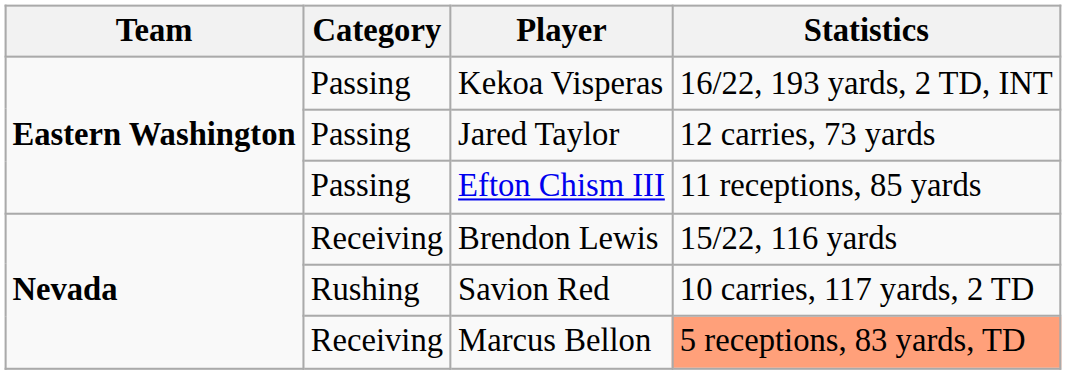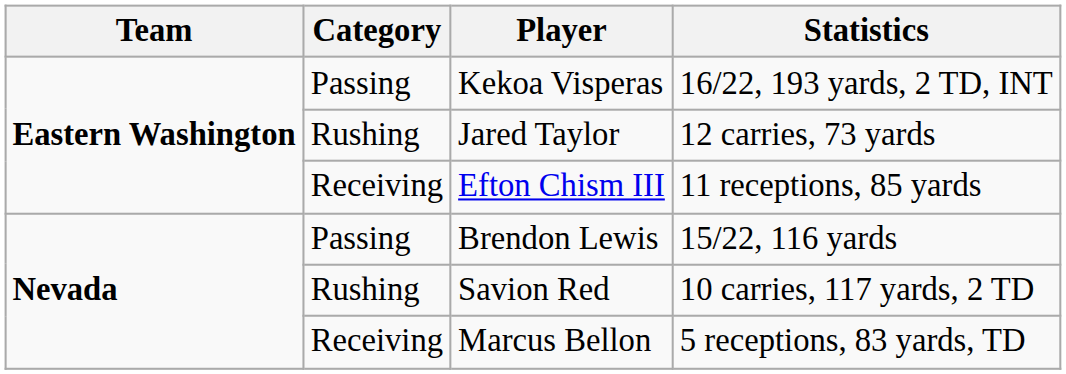 <table class="wikitable" style="float: right;">
 <tr>
 <th>Team</th>
 <th>Category</th>
 <th>Player</th>
 <th>Statistics</th>
 </tr>
 <tr>
 <td rowspan=3><strong>Eastern Washington</strong></td>
 <td>Passing</td>
 <td>Kekoa Visperas</td>
 <td>16/22, 193 yards, 2 TD, INT</td>
 </tr>
 <tr>
-<td>Passing</td>
+<td>Rushing</td>
 <td>Jared Taylor</td>
 <td>12 carries, 73 yards</td>
 </tr>
 <tr>
-<td>Passing</td>
+<td>Receiving</td>
 <td><a href='#'>Efton Chism III</a></td>
 <td>11 receptions, 85 yards</td>
 </tr>
 <tr>
 <td rowspan=3><strong>Nevada</strong></td>
-<td>Receiving</td>
+<td>Passing</td>
 <td>Brendon Lewis</td>
 <td>15/22, 116 yards</td>
 </tr>
 <tr>
 <td>Rushing</td>
 <td>Savion Red</td>
 <td>10 carries, 117 yards, 2 TD</td>
 </tr>
 <tr>
 <td>Receiving</td>
 <td>Marcus Bellon</td>
-<td style="background: lightsalmon;">5 receptions, 83 yards, TD</td>
+<td>5 receptions, 83 yards, TD</td>
 </tr>
 </table>
